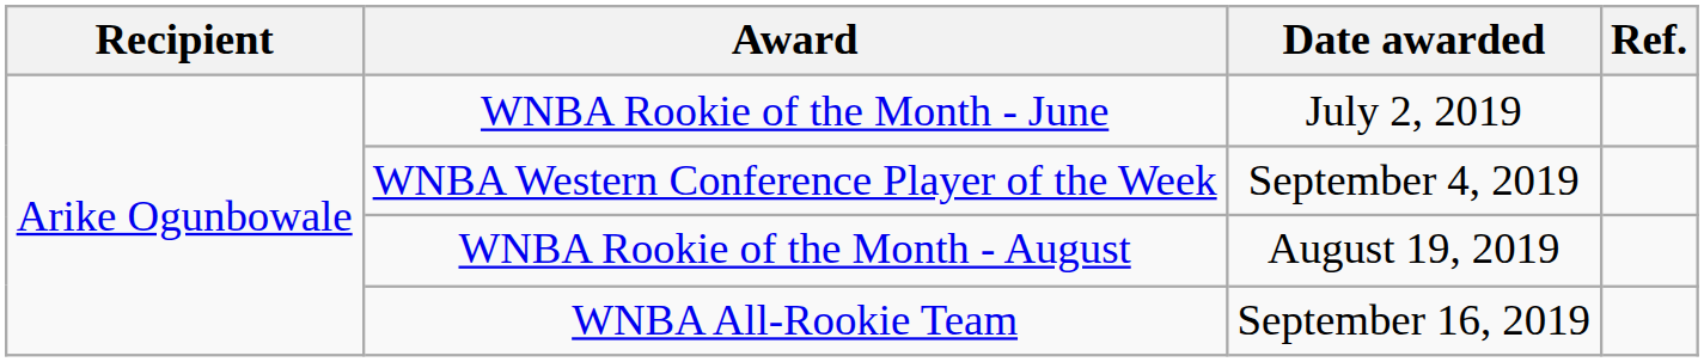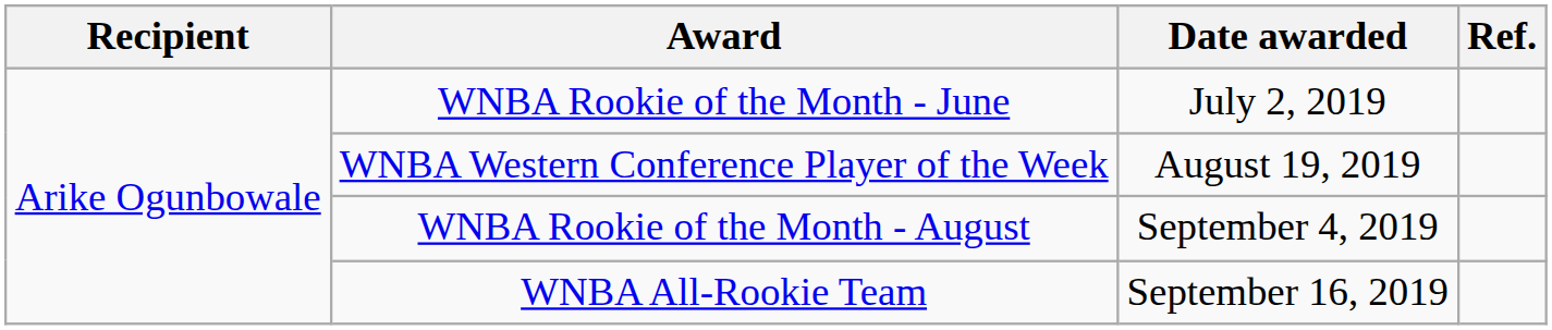 <table class="wikitable sortable sortable" style="text-align: center">
 <tr>
 <th>Recipient</th>
 <th>Award</th>
 <th>Date awarded</th>
 <th>Ref.</th>
 </tr>
 <tr>
 <td rowspan=4><a href='#'>Arike Ogunbowale</a></td>
 <td><a href='#'>WNBA Rookie of the Month - June</a></td>
 <td>July 2, 2019</td>
 <td></td>
 </tr>
 <tr>
 <td><a href='#'>WNBA Western Conference Player of the Week</a></td>
-<td>September 4, 2019</td>
+<td>August 19, 2019</td>
 <td></td>
 </tr>
 <tr>
 <td><a href='#'>WNBA Rookie of the Month - August</a></td>
-<td>August 19, 2019</td>
+<td>September 4, 2019</td>
 <td></td>
 </tr>
 <tr>
 <td><a href='#'>WNBA All-Rookie Team</a></td>
 <td>September 16, 2019</td>
 <td></td>
 </tr>
 </table>
